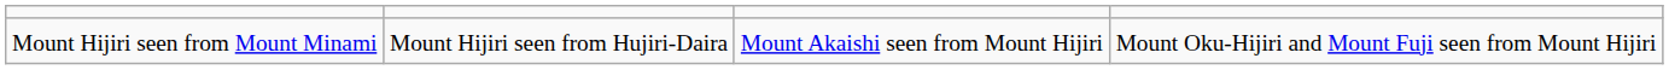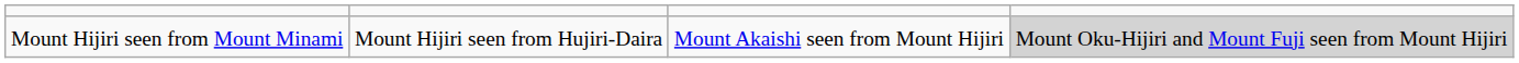 <table class="wikitable">
 <tr>
 <td></td>
 <td></td>
 <td></td>
 <td></td>
 </tr>
 <tr>
 <td><small>Mount Hijiri seen from <a href='#'>Mount Minami</a></small></td>
 <td><small>Mount Hijiri seen from Hujiri-Daira</small></td>
 <td><small><a href='#'>Mount Akaishi</a> seen from Mount Hijiri</small></td>
-<td><small>Mount Oku-Hijiri and <a href='#'>Mount Fuji</a> seen from Mount Hijiri</small></td>
+<td style="background: lightgrey;"><small>Mount Oku-Hijiri and <a href='#'>Mount Fuji</a> seen from Mount Hijiri</small></td>
 </tr>
 </table>
